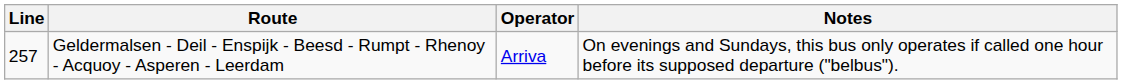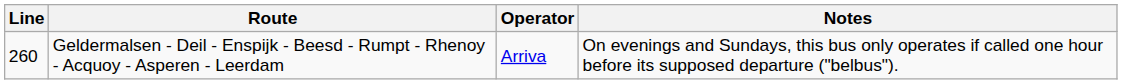 <table class="wikitable" style="font-size:85%;">
 <tr>
 <th>Line</th>
 <th>Route</th>
 <th>Operator</th>
 <th>Notes</th>
 </tr>
 <tr>
-<td>257</td>
+<td>260</td>
 <td>Geldermalsen - Deil - Enspijk - Beesd - Rumpt - Rhenoy - Acquoy - Asperen - Leerdam</td>
 <td><a href='#'>Arriva</a></td>
 <td>On evenings and Sundays, this bus only operates if called one hour before its supposed departure ("belbus").</td>
 </tr>
 </table>
